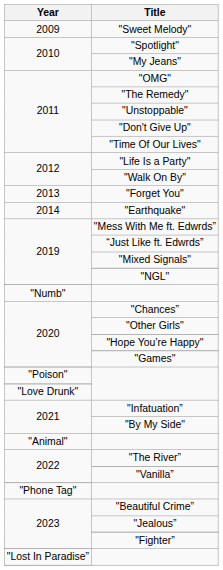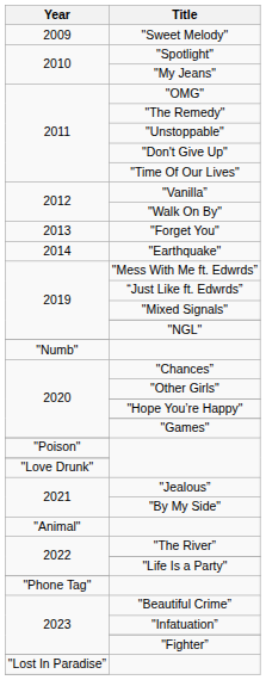 <table class="wikitable plainrowheaders" style="text-align:center;">
 <tr>
 <th>Year</th>
 <th>Title</th>
 </tr>
 <tr>
 <td rowspan="1">2009</td>
 <td>"Sweet Melody"</td>
 </tr>
 <tr>
 <td rowspan="2">2010</td>
 <td>"Spotlight"</td>
 </tr>
 <tr>
 <td>"My Jeans"</td>
 </tr>
 <tr>
 <td rowspan="5">2011</td>
 <td>"OMG"</td>
 </tr>
 <tr>
 <td>"The Remedy"</td>
 </tr>
 <tr>
 <td>"Unstoppable"</td>
 </tr>
 <tr>
 <td>"Don't Give Up"</td>
 </tr>
 <tr>
 <td>"Time Of Our Lives"</td>
 </tr>
 <tr>
 <td rowspan="2">2012</td>
-<td>"Life Is a Party"</td>
+<td>"Vanilla”</td>
 </tr>
 <tr>
 <td>"Walk On By"</td>
 </tr>
 <tr>
 <td rowspan="1">2013</td>
 <td>"Forget You"</td>
 </tr>
 <tr>
 <td rowspan="1">2014</td>
 <td>"Earthquake"</td>
 </tr>
 <tr>
 <td rowspan="5”">2019</td>
 <td>"Mess With Me ft. Edwrds”</td>
 </tr>
 <tr>
 <td>“Just Like ft. Edwrds”</td>
 </tr>
 <tr>
 <td>"Mixed Signals"</td>
 </tr>
 <tr>
 </tr>
 <tr>
 <td>"NGL"</td>
 </tr>
 <tr>
 </tr>
 <tr>
 <td>"Numb"</td>
 </tr>
 <tr>
 <td rowspan="6”">2020</td>
 <td>"Chances”</td>
 </tr>
 <tr>
 <td>"Other Girls"</td>
 </tr>
 <tr>
 </tr>
 <tr>
 <td>"Hope You’re Happy"</td>
 </tr>
 <tr>
 </tr>
 <tr>
 <td>"Games"</td>
 </tr>
 <tr>
 </tr>
 <tr>
 <td>"Poison"</td>
 </tr>
 <tr>
 </tr>
 <tr>
 <td>"Love Drunk"</td>
 </tr>
 <tr>
 <td rowspan="3”">2021</td>
-<td>"Infatuation”</td>
+<td>"Jealous”</td>
 </tr>
 <tr>
 <td>"By My Side"</td>
 </tr>
 <tr>
 </tr>
 <tr>
 <td>"Animal"</td>
 </tr>
 <tr>
 <td rowspan="3”">2022</td>
 <td>"The River”</td>
 </tr>
 <tr>
 </tr>
 <tr>
-<td>"Vanilla”</td>
+<td>"Life Is a Party"</td>
 </tr>
 <tr>
 </tr>
 <tr>
 <td>"Phone Tag"</td>
 </tr>
 <tr>
 <td rowspan="4”">2023</td>
 <td>"Beautiful Crime”</td>
 </tr>
 <tr>
-<td>"Jealous”</td>
+<td>"Infatuation”</td>
 </tr>
 <tr>
 </tr>
 <tr>
 <td>"Fighter”</td>
 </tr>
 <tr>
 </tr>
 <tr>
 <td>"Lost In Paradise”</td>
 </tr>
 <tr>
 </tr>
 </table>
